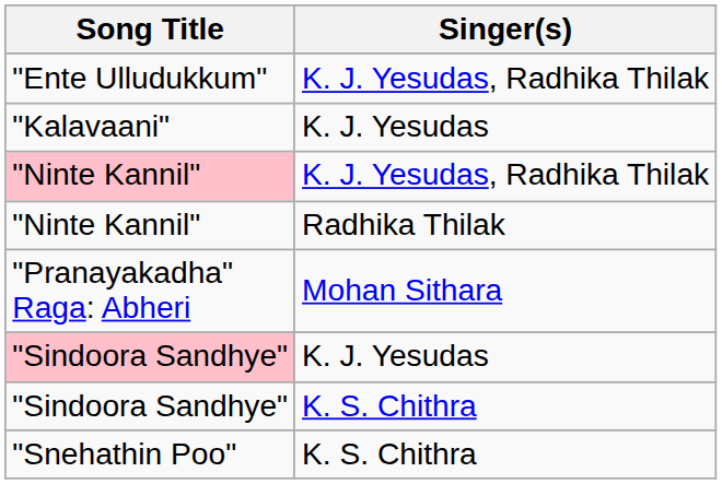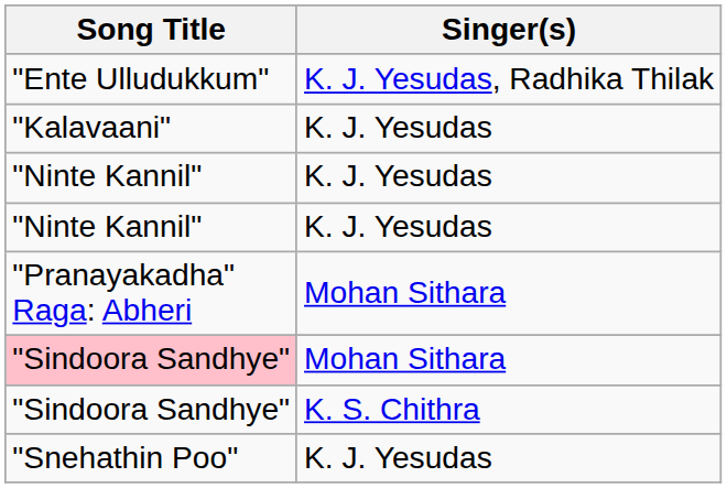 <table class="wikitable">
 <tr>
 <th>Song Title</th>
 <th>Singer(s)</th>
 </tr>
 <tr>
 <td>"Ente Ulludukkum"</td>
 <td><a href='#'>K. J. Yesudas</a>, Radhika Thilak</td>
 </tr>
 <tr>
 <td>"Kalavaani"</td>
 <td>K. J. Yesudas</td>
 </tr>
 <tr>
-<td style="background: pink;">"Ninte Kannil"</td>
-<td><a href='#'>K. J. Yesudas</a>, Radhika Thilak</td>
+<td>"Ninte Kannil"</td>
+<td>K. J. Yesudas</td>
 </tr>
 <tr>
 <td>"Ninte Kannil"</td>
-<td>Radhika Thilak</td>
+<td>K. J. Yesudas</td>
 </tr>
 <tr>
 <td>"Pranayakadha"<br><a href='#'>Raga</a>: <a href='#'>Abheri</a></td>
 <td><a href='#'>Mohan Sithara</a></td>
 </tr>
 <tr>
 <td style="background: pink;">"Sindoora Sandhye"</td>
-<td>K. J. Yesudas</td>
+<td><a href='#'>Mohan Sithara</a></td>
 </tr>
 <tr>
 <td>"Sindoora Sandhye"</td>
 <td><a href='#'>K. S. Chithra</a></td>
 </tr>
 <tr>
 <td>"Snehathin Poo"</td>
-<td>K. S. Chithra</td>
+<td>K. J. Yesudas</td>
 </tr>
 </table>
